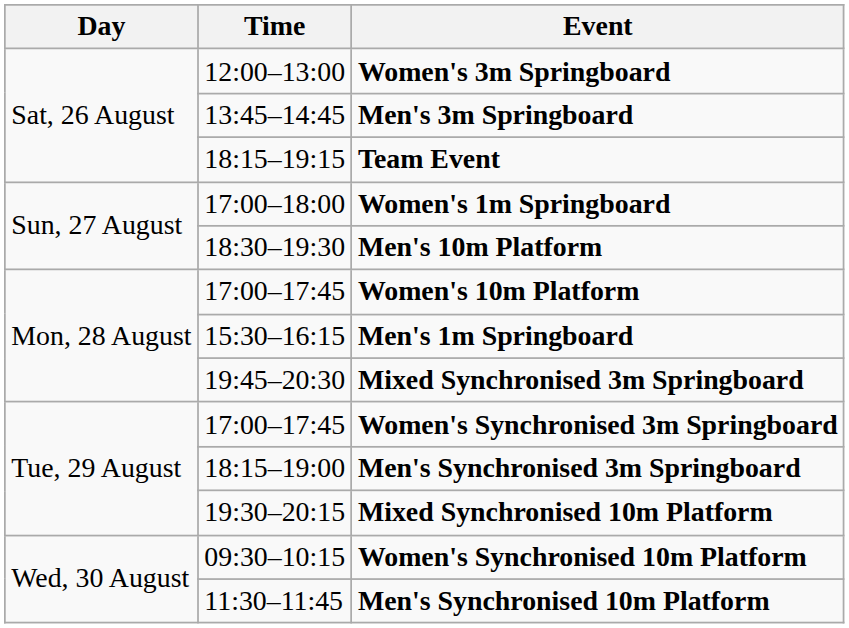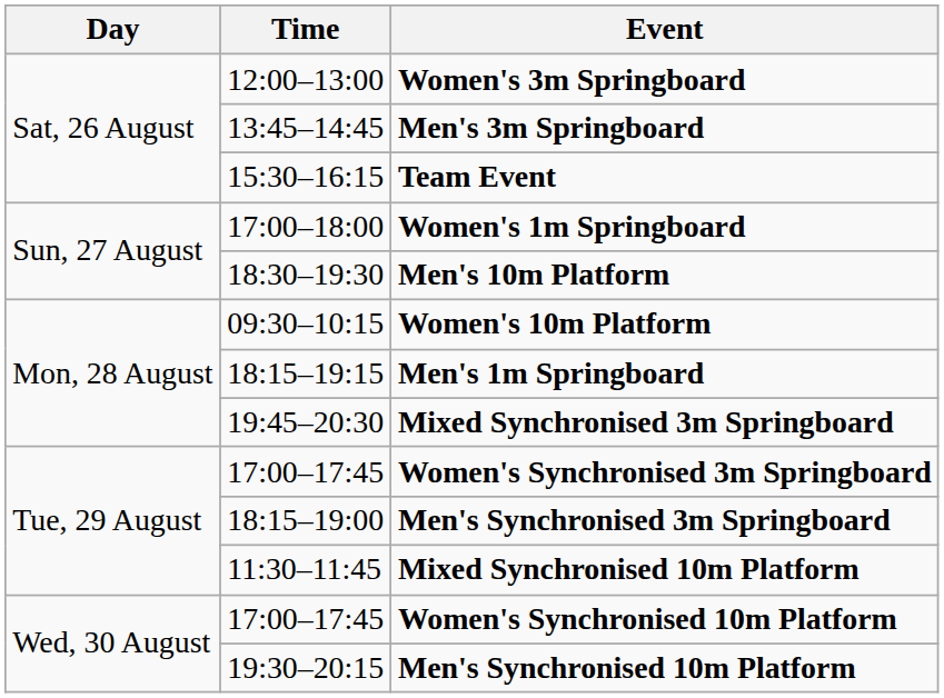 <table class="wikitable">
 <tr>
 <th>Day</th>
 <th>Time</th>
 <th>Event</th>
 </tr>
 <tr>
 <td rowspan=3>Sat, 26 August</td>
 <td>12:00–13:00</td>
 <td><strong>Women's 3m Springboard</strong></td>
 </tr>
 <tr>
 <td>13:45–14:45</td>
 <td><strong>Men's 3m Springboard</strong></td>
 </tr>
 <tr>
-<td>18:15–19:15</td>
+<td>15:30–16:15</td>
 <td><strong>Team Event</strong></td>
 </tr>
 <tr>
 <td rowspan=2>Sun, 27 August</td>
 <td>17:00–18:00</td>
 <td><strong>Women's 1m Springboard</strong></td>
 </tr>
 <tr>
 <td>18:30–19:30</td>
 <td><strong>Men's 10m Platform</strong></td>
 </tr>
 <tr>
 <td rowspan=3>Mon, 28 August</td>
-<td>17:00–17:45</td>
+<td>09:30–10:15</td>
 <td><strong>Women's 10m Platform</strong></td>
 </tr>
 <tr>
-<td>15:30–16:15</td>
+<td>18:15–19:15</td>
 <td><strong>Men's 1m Springboard</strong></td>
 </tr>
 <tr>
 <td>19:45–20:30</td>
 <td><strong>Mixed Synchronised 3m Springboard</strong></td>
 </tr>
 <tr>
 <td rowspan="3">Tue, 29 August</td>
 <td>17:00–17:45</td>
 <td><strong>Women's Synchronised 3m Springboard</strong></td>
 </tr>
 <tr>
 <td>18:15–19:00</td>
 <td><strong>Men's Synchronised 3m Springboard</strong></td>
 </tr>
 <tr>
-<td>19:30–20:15</td>
+<td>11:30–11:45</td>
 <td><strong>Mixed Synchronised 10m Platform</strong></td>
 </tr>
 <tr>
 <td rowspan="2">Wed, 30 August</td>
-<td>09:30–10:15</td>
+<td>17:00–17:45</td>
 <td><strong>Women's Synchronised 10m Platform</strong></td>
 </tr>
 <tr>
-<td>11:30–11:45</td>
+<td>19:30–20:15</td>
 <td><strong>Men's Synchronised 10m Platform</strong></td>
 </tr>
 </table>
